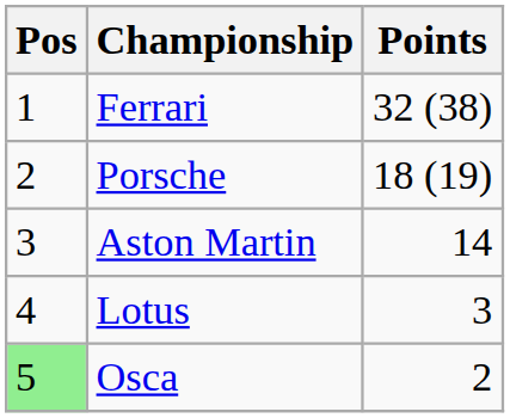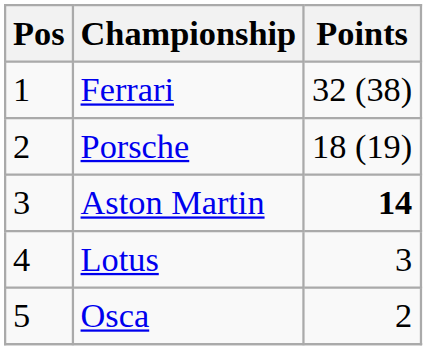 <table class="wikitable" style="font-size: 95%;">
 <tr>
 <th>Pos</th>
 <th>Championship</th>
 <th>Points</th>
 </tr>
 <tr>
 <td>1</td>
 <td> <a href='#'>Ferrari</a></td>
 <td align=right>32 (38)</td>
 </tr>
 <tr>
 <td>2</td>
 <td> <a href='#'>Porsche</a></td>
 <td align=right>18 (19)</td>
 </tr>
 <tr>
 <td>3</td>
 <td> <a href='#'>Aston Martin</a></td>
-<td align=right>14</td>
+<td align=right><strong>14</strong></td>
 </tr>
 <tr>
 <td>4</td>
 <td> <a href='#'>Lotus</a></td>
 <td align=right>3</td>
 </tr>
 <tr>
-<td style="background: lightgreen;">5</td>
+<td>5</td>
 <td> <a href='#'>Osca</a></td>
 <td align=right>2</td>
 </tr>
 <tr>
 </tr>
 </table>
